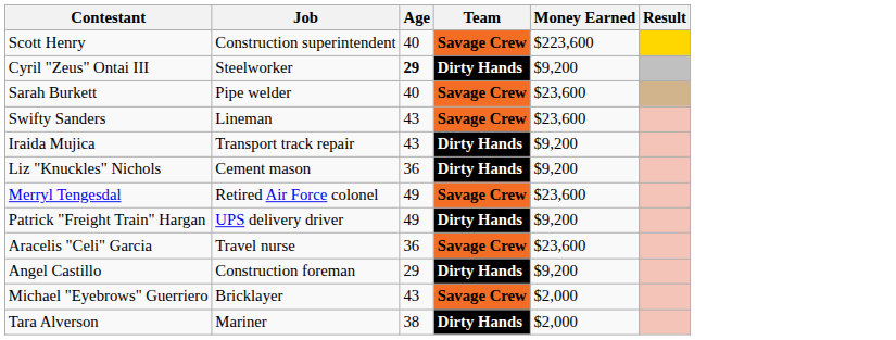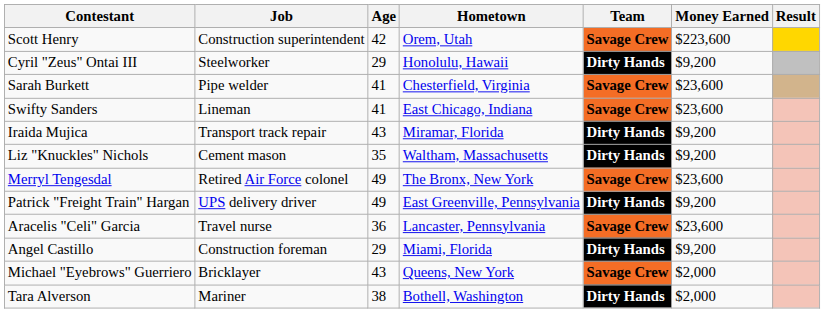 <table class="wikitable sortable">
 <tr>
 <th>Contestant</th>
 <th>Job</th>
 <th>Age</th>
+<th>Hometown</th>
 <th>Team</th>
 <th>Money Earned</th>
 <th>Result</th>
 </tr>
 <tr>
 <td>Scott Henry</td>
 <td>Construction superintendent</td>
-<td>40</td>
+<td>42</td>
+<td><a href='#'>Orem, Utah</a></td>
 <td style="background:#F46D25; color:#000000;"><strong>Savage Crew</strong></td>
 <td>$223,600</td>
 <td style="background:gold; text'align:center;"></td>
 </tr>
 <tr>
 <td>Cyril "Zeus" Ontai III</td>
 <td>Steelworker</td>
-<td><strong>29</strong></td>
+<td>29</td>
+<td><a href='#'>Honolulu, Hawaii</a></td>
 <td style="background:#000000; color:#fff;"><strong>Dirty Hands</strong></td>
 <td>$9,200</td>
 <td style="background:silver; text'align:center;"></td>
 </tr>
 <tr>
 <td>Sarah Burkett</td>
 <td>Pipe welder</td>
-<td>40</td>
+<td>41</td>
+<td><a href='#'>Chesterfield, Virginia</a></td>
 <td style="background:#F46D25; color:#000000;"><strong>Savage Crew</strong></td>
 <td>$23,600</td>
 <td style="background:tan; text'align:center;"></td>
 </tr>
 <tr>
 <td>Swifty Sanders</td>
 <td>Lineman</td>
-<td>43</td>
+<td>41</td>
+<td><a href='#'>East Chicago, Indiana</a></td>
 <td style="background:#F46D25; color:#000000;"><strong>Savage Crew</strong></td>
 <td>$23,600</td>
 <td style="background:#f4c4b8; text'align:center;"></td>
 </tr>
 <tr>
 <td>Iraida Mujica</td>
 <td>Transport track repair</td>
 <td>43</td>
+<td><a href='#'>Miramar, Florida</a></td>
 <td style="background:#000000; color:#fff;"><strong>Dirty Hands</strong></td>
 <td>$9,200</td>
 <td style="background:#f4c4b8; text'align:center;"></td>
 </tr>
 <tr>
 <td>Liz "Knuckles" Nichols</td>
 <td>Cement mason</td>
-<td>36</td>
+<td>35</td>
+<td><a href='#'>Waltham, Massachusetts</a></td>
 <td style="background:#000000; color:#fff;"><strong>Dirty Hands</strong></td>
 <td>$9,200</td>
 <td style="background:#f4c4b8; text'align:center;"></td>
 </tr>
 <tr>
 <td><a href='#'>Merryl Tengesdal</a></td>
 <td>Retired <a href='#'>Air Force</a> colonel</td>
 <td>49</td>
+<td><a href='#'>The Bronx, New York</a></td>
 <td style="background:#F46D25; color:#000000;"><strong>Savage Crew</strong></td>
 <td>$23,600</td>
 <td style="background:#f4c4b8; text'align:center;"></td>
 </tr>
 <tr>
 <td>Patrick "Freight Train" Hargan</td>
 <td><a href='#'>UPS</a> delivery driver</td>
 <td>49</td>
+<td><a href='#'>East Greenville, Pennsylvania</a></td>
 <td style="background:#000000; color:#fff;"><strong>Dirty Hands</strong></td>
 <td>$9,200</td>
 <td style="background:#f4c4b8; text'align:center;"></td>
 </tr>
 <tr>
 <td>Aracelis "Celi" Garcia</td>
 <td>Travel nurse</td>
 <td>36</td>
+<td><a href='#'>Lancaster, Pennsylvania</a></td>
 <td style="background:#F46D25; color:#000000;"><strong>Savage Crew</strong></td>
 <td>$23,600</td>
 <td style="background:#f4c4b8; text'align:center;"></td>
 </tr>
 <tr>
 <td>Angel Castillo</td>
 <td>Construction foreman</td>
 <td>29</td>
+<td><a href='#'>Miami, Florida</a></td>
 <td style="background:#000000; color:#fff;"><strong>Dirty Hands</strong></td>
 <td>$9,200</td>
 <td style="background:#f4c4b8; text'align:center;"></td>
 </tr>
 <tr>
 <td>Michael "Eyebrows" Guerriero</td>
 <td>Bricklayer</td>
 <td>43</td>
+<td><a href='#'>Queens, New York</a></td>
 <td style="background:#F46D25; color:#000000;"><strong>Savage Crew</strong></td>
 <td>$2,000</td>
 <td style="background:#f4c4b8; text'align:center;"></td>
 </tr>
 <tr>
 <td>Tara Alverson</td>
 <td>Mariner</td>
 <td>38</td>
+<td><a href='#'>Bothell, Washington</a></td>
 <td style="background:#000000; color:#fff;"><strong>Dirty Hands</strong></td>
 <td>$2,000</td>
 <td style="background:#f4c4b8; text'align:center;"></td>
 </tr>
 </table>
